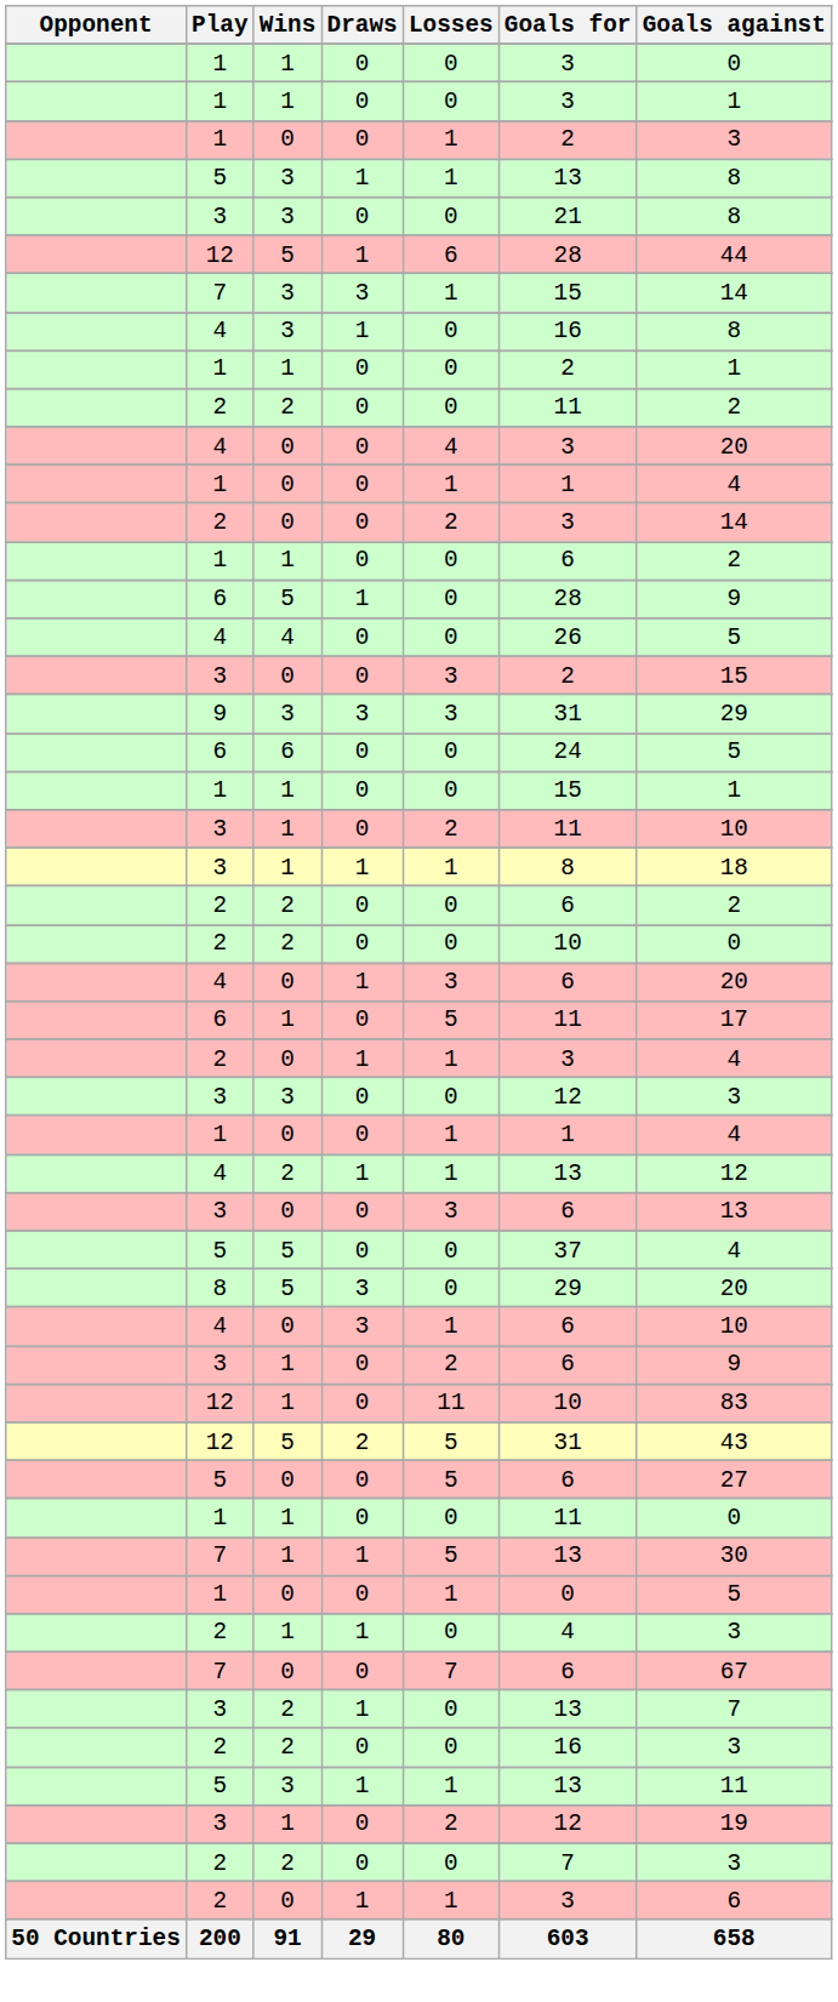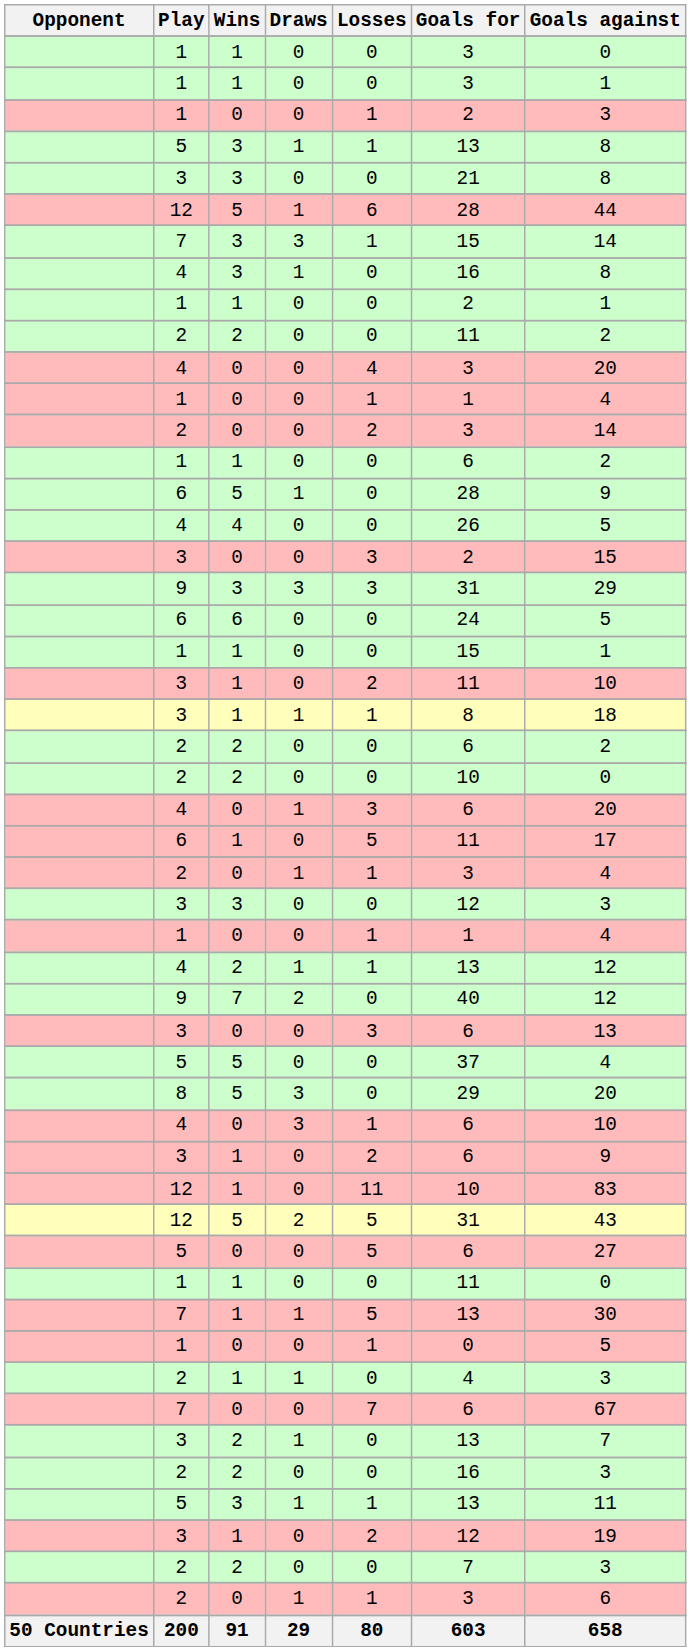 <table class="wikitable sortable" style="text-align:center">
 <tr>
 <th>Opponent</th>
 <th>Play</th>
 <th>Wins</th>
 <th>Draws</th>
 <th>Losses</th>
 <th>Goals for</th>
 <th>Goals against</th>
 </tr>
 <tr>
 </tr>
 <tr bgcolor="#CCFFCC">
 <td style="text-align:left;"></td>
 <td>1</td>
 <td>1</td>
 <td>0</td>
 <td>0</td>
 <td>3</td>
 <td>0</td>
 </tr>
 <tr>
 </tr>
 <tr bgcolor="#CCFFCC">
 <td style="text-align:left;"></td>
 <td>1</td>
 <td>1</td>
 <td>0</td>
 <td>0</td>
 <td>3</td>
 <td>1</td>
 </tr>
 <tr>
 </tr>
 <tr bgcolor="#FFBBBB">
 <td style="text-align:left;"></td>
 <td>1</td>
 <td>0</td>
 <td>0</td>
 <td>1</td>
 <td>2</td>
 <td>3</td>
 </tr>
 <tr>
 </tr>
 <tr bgcolor="#CCFFCC">
 <td style="text-align:left;"></td>
 <td>5</td>
 <td>3</td>
 <td>1</td>
 <td>1</td>
 <td>13</td>
 <td>8</td>
 </tr>
 <tr>
 </tr>
 <tr bgcolor="#CCFFCC">
 <td style="text-align:left;"></td>
 <td>3</td>
 <td>3</td>
 <td>0</td>
 <td>0</td>
 <td>21</td>
 <td>8</td>
 </tr>
 <tr>
 </tr>
 <tr bgcolor="#FFBBBB">
 <td style="text-align:left;"></td>
 <td>12</td>
 <td>5</td>
 <td>1</td>
 <td>6</td>
 <td>28</td>
 <td>44</td>
 </tr>
 <tr>
 </tr>
 <tr bgcolor="#CCFFCC">
 <td style="text-align:left;"></td>
 <td>7</td>
 <td>3</td>
 <td>3</td>
 <td>1</td>
 <td>15</td>
 <td>14</td>
 </tr>
 <tr>
 </tr>
 <tr bgcolor="#CCFFCC">
 <td style="text-align:left;"></td>
 <td>4</td>
 <td>3</td>
 <td>1</td>
 <td>0</td>
 <td>16</td>
 <td>8</td>
 </tr>
 <tr>
 </tr>
 <tr bgcolor="#CCFFCC">
 <td style="text-align:left;"></td>
 <td>1</td>
 <td>1</td>
 <td>0</td>
 <td>0</td>
 <td>2</td>
 <td>1</td>
 </tr>
 <tr>
 </tr>
 <tr bgcolor="#CCFFCC">
 <td style="text-align:left;"></td>
 <td>2</td>
 <td>2</td>
 <td>0</td>
 <td>0</td>
 <td>11</td>
 <td>2</td>
 </tr>
 <tr>
 </tr>
 <tr bgcolor="#FFBBBB">
 <td style="text-align:left;"></td>
 <td>4</td>
 <td>0</td>
 <td>0</td>
 <td>4</td>
 <td>3</td>
 <td>20</td>
 </tr>
 <tr>
 </tr>
 <tr bgcolor="#FFBBBB">
 <td style="text-align:left;"></td>
 <td>1</td>
 <td>0</td>
 <td>0</td>
 <td>1</td>
 <td>1</td>
 <td>4</td>
 </tr>
 <tr>
 </tr>
 <tr bgcolor="#FFBBBB">
 <td style="text-align:left;"></td>
 <td>2</td>
 <td>0</td>
 <td>0</td>
 <td>2</td>
 <td>3</td>
 <td>14</td>
 </tr>
 <tr>
 </tr>
 <tr bgcolor="#CCFFCC">
 <td style="text-align:left;"></td>
 <td>1</td>
 <td>1</td>
 <td>0</td>
 <td>0</td>
 <td>6</td>
 <td>2</td>
 </tr>
 <tr>
 </tr>
 <tr bgcolor="#CCFFCC">
 <td style="text-align:left;"></td>
 <td>6</td>
 <td>5</td>
 <td>1</td>
 <td>0</td>
 <td>28</td>
 <td>9</td>
 </tr>
 <tr>
 </tr>
 <tr bgcolor="#CCFFCC">
 <td style="text-align:left;"></td>
 <td>4</td>
 <td>4</td>
 <td>0</td>
 <td>0</td>
 <td>26</td>
 <td>5</td>
 </tr>
 <tr>
 </tr>
 <tr bgcolor="#FFBBBB">
 <td style="text-align:left;"></td>
 <td>3</td>
 <td>0</td>
 <td>0</td>
 <td>3</td>
 <td>2</td>
 <td>15</td>
 </tr>
 <tr>
 </tr>
 <tr bgcolor="#CCFFCC">
 <td style="text-align:left;"></td>
 <td>9</td>
 <td>3</td>
 <td>3</td>
 <td>3</td>
 <td>31</td>
 <td>29</td>
 </tr>
 <tr>
 </tr>
 <tr bgcolor="#CCFFCC">
 <td style="text-align:left;"></td>
 <td>6</td>
 <td>6</td>
 <td>0</td>
 <td>0</td>
 <td>24</td>
 <td>5</td>
 </tr>
 <tr>
 </tr>
 <tr bgcolor="#CCFFCC">
 <td style="text-align:left;"></td>
 <td>1</td>
 <td>1</td>
 <td>0</td>
 <td>0</td>
 <td>15</td>
 <td>1</td>
 </tr>
 <tr>
 </tr>
 <tr bgcolor="#FFBBBB">
 <td style="text-align:left;"></td>
 <td>3</td>
 <td>1</td>
 <td>0</td>
 <td>2</td>
 <td>11</td>
 <td>10</td>
 </tr>
 <tr>
 </tr>
 <tr bgcolor="#FFFFBB">
 <td style="text-align:left;"></td>
 <td>3</td>
 <td>1</td>
 <td>1</td>
 <td>1</td>
 <td>8</td>
 <td>18</td>
 </tr>
 <tr>
 </tr>
 <tr bgcolor="#CCFFCC">
 <td style="text-align:left;"></td>
 <td>2</td>
 <td>2</td>
 <td>0</td>
 <td>0</td>
 <td>6</td>
 <td>2</td>
 </tr>
 <tr>
 </tr>
 <tr bgcolor="#CCFFCC">
 <td style="text-align:left;"></td>
 <td>2</td>
 <td>2</td>
 <td>0</td>
 <td>0</td>
 <td>10</td>
 <td>0</td>
 </tr>
 <tr>
 </tr>
 <tr bgcolor="#FFBBBB">
 <td style="text-align:left;"></td>
 <td>4</td>
 <td>0</td>
 <td>1</td>
 <td>3</td>
 <td>6</td>
 <td>20</td>
 </tr>
 <tr>
 </tr>
 <tr bgcolor="#FFBBBB">
 <td style="text-align:left;"></td>
 <td>6</td>
 <td>1</td>
 <td>0</td>
 <td>5</td>
 <td>11</td>
 <td>17</td>
 </tr>
 <tr>
 </tr>
 <tr bgcolor="#FFBBBB">
 <td style="text-align:left;"></td>
 <td>2</td>
 <td>0</td>
 <td>1</td>
 <td>1</td>
 <td>3</td>
 <td>4</td>
 </tr>
 <tr>
 </tr>
 <tr bgcolor="#CCFFCC">
 <td style="text-align:left;"></td>
 <td>3</td>
 <td>3</td>
 <td>0</td>
 <td>0</td>
 <td>12</td>
 <td>3</td>
 </tr>
 <tr>
 </tr>
 <tr bgcolor="#FFBBBB">
 <td style="text-align:left;"></td>
 <td>1</td>
 <td>0</td>
 <td>0</td>
 <td>1</td>
 <td>1</td>
 <td>4</td>
 </tr>
 <tr>
 </tr>
 <tr bgcolor="#CCFFCC">
 <td style="text-align:left;"></td>
 <td>4</td>
 <td>2</td>
 <td>1</td>
 <td>1</td>
 <td>13</td>
 <td>12</td>
 </tr>
 <tr>
 </tr>
+<tr bgcolor="#CCFFCC">
+<td style="text-align:left;"></td>
+<td>9</td>
+<td>7</td>
+<td>2</td>
+<td>0</td>
+<td>40</td>
+<td>12</td>
+</tr>
 <tr>
 </tr>
 <tr bgcolor="#FFBBBB">
 <td style="text-align:left;"></td>
 <td>3</td>
 <td>0</td>
 <td>0</td>
 <td>3</td>
 <td>6</td>
 <td>13</td>
 </tr>
 <tr>
 </tr>
 <tr bgcolor="#CCFFCC">
 <td style="text-align:left;"></td>
 <td>5</td>
 <td>5</td>
 <td>0</td>
 <td>0</td>
 <td>37</td>
 <td>4</td>
 </tr>
 <tr>
 </tr>
 <tr bgcolor="#CCFFCC">
 <td style="text-align:left;"></td>
 <td>8</td>
 <td>5</td>
 <td>3</td>
 <td>0</td>
 <td>29</td>
 <td>20</td>
 </tr>
 <tr>
 </tr>
 <tr bgcolor="#FFBBBB">
 <td style="text-align:left;"></td>
 <td>4</td>
 <td>0</td>
 <td>3</td>
 <td>1</td>
 <td>6</td>
 <td>10</td>
 </tr>
 <tr>
 </tr>
 <tr bgcolor="#FFBBBB">
 <td style="text-align:left;"></td>
 <td>3</td>
 <td>1</td>
 <td>0</td>
 <td>2</td>
 <td>6</td>
 <td>9</td>
 </tr>
 <tr>
 </tr>
 <tr bgcolor="#FFBBBB">
 <td style="text-align:left;"></td>
 <td>12</td>
 <td>1</td>
 <td>0</td>
 <td>11</td>
 <td>10</td>
 <td>83</td>
 </tr>
 <tr>
 </tr>
 <tr bgcolor="#FFFFBB">
 <td style="text-align:left;"></td>
 <td>12</td>
 <td>5</td>
 <td>2</td>
 <td>5</td>
 <td>31</td>
 <td>43</td>
 </tr>
 <tr>
 </tr>
 <tr bgcolor="#FFBBBB">
 <td style="text-align:left;"></td>
 <td>5</td>
 <td>0</td>
 <td>0</td>
 <td>5</td>
 <td>6</td>
 <td>27</td>
 </tr>
 <tr>
 </tr>
 <tr bgcolor="#CCFFCC">
 <td style="text-align:left;"></td>
 <td>1</td>
 <td>1</td>
 <td>0</td>
 <td>0</td>
 <td>11</td>
 <td>0</td>
 </tr>
 <tr>
 </tr>
 <tr bgcolor="#FFBBBB">
 <td style="text-align:left;"></td>
 <td>7</td>
 <td>1</td>
 <td>1</td>
 <td>5</td>
 <td>13</td>
 <td>30</td>
 </tr>
 <tr>
 </tr>
 <tr bgcolor="#FFBBBB">
 <td style="text-align:left;"></td>
 <td>1</td>
 <td>0</td>
 <td>0</td>
 <td>1</td>
 <td>0</td>
 <td>5</td>
 </tr>
 <tr>
 </tr>
 <tr bgcolor="#CCFFCC">
 <td style="text-align:left;"></td>
 <td>2</td>
 <td>1</td>
 <td>1</td>
 <td>0</td>
 <td>4</td>
 <td>3</td>
 </tr>
 <tr>
 </tr>
 <tr bgcolor="#FFBBBB">
 <td style="text-align:left;"></td>
 <td>7</td>
 <td>0</td>
 <td>0</td>
 <td>7</td>
 <td>6</td>
 <td>67</td>
 </tr>
 <tr>
 </tr>
 <tr bgcolor="#CCFFCC">
 <td style="text-align:left;"></td>
 <td>3</td>
 <td>2</td>
 <td>1</td>
 <td>0</td>
 <td>13</td>
 <td>7</td>
 </tr>
 <tr>
 </tr>
 <tr bgcolor="#CCFFCC">
 <td style="text-align:left;"></td>
 <td>2</td>
 <td>2</td>
 <td>0</td>
 <td>0</td>
 <td>16</td>
 <td>3</td>
 </tr>
 <tr>
 </tr>
 <tr bgcolor="#CCFFCC">
 <td style="text-align:left;"></td>
 <td>5</td>
 <td>3</td>
 <td>1</td>
 <td>1</td>
 <td>13</td>
 <td>11</td>
 </tr>
 <tr>
 </tr>
 <tr bgcolor="#FFBBBB">
 <td style="text-align:left;"></td>
 <td>3</td>
 <td>1</td>
 <td>0</td>
 <td>2</td>
 <td>12</td>
 <td>19</td>
 </tr>
 <tr>
 </tr>
 <tr bgcolor="#CCFFCC">
 <td style="text-align:left;"></td>
 <td>2</td>
 <td>2</td>
 <td>0</td>
 <td>0</td>
 <td>7</td>
 <td>3</td>
 </tr>
 <tr>
 </tr>
 <tr bgcolor="#FFBBBB">
 <td style="text-align:left;"></td>
 <td>2</td>
 <td>0</td>
 <td>1</td>
 <td>1</td>
 <td>3</td>
 <td>6</td>
 </tr>
 <tr>
 </tr>
 <tr class="sortbot">
 <th>50 Countries</th>
 <th>200</th>
 <th>91</th>
 <th>29</th>
 <th>80</th>
 <th>603</th>
 <th>658</th>
 </tr>
 </table>
